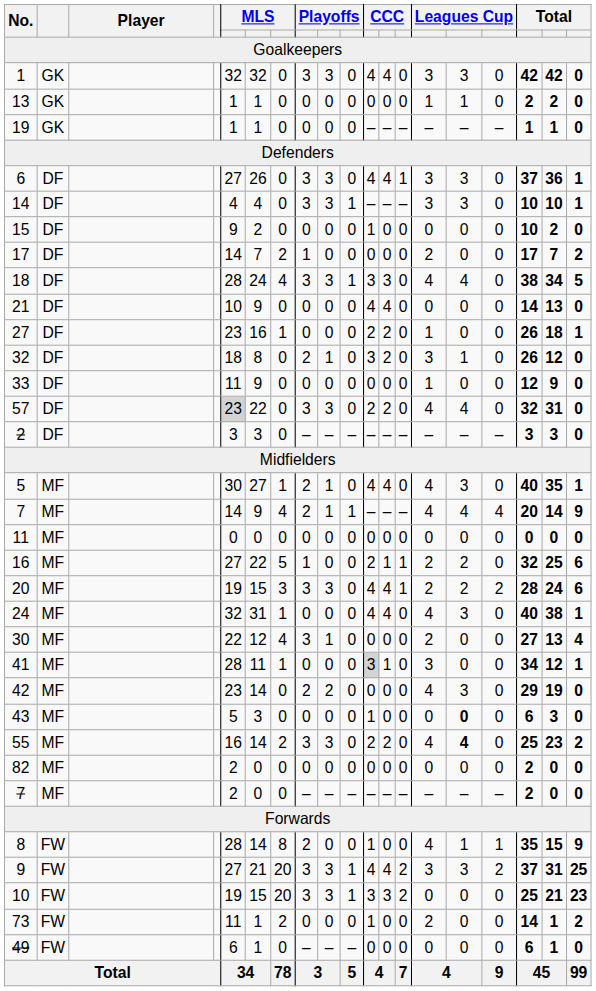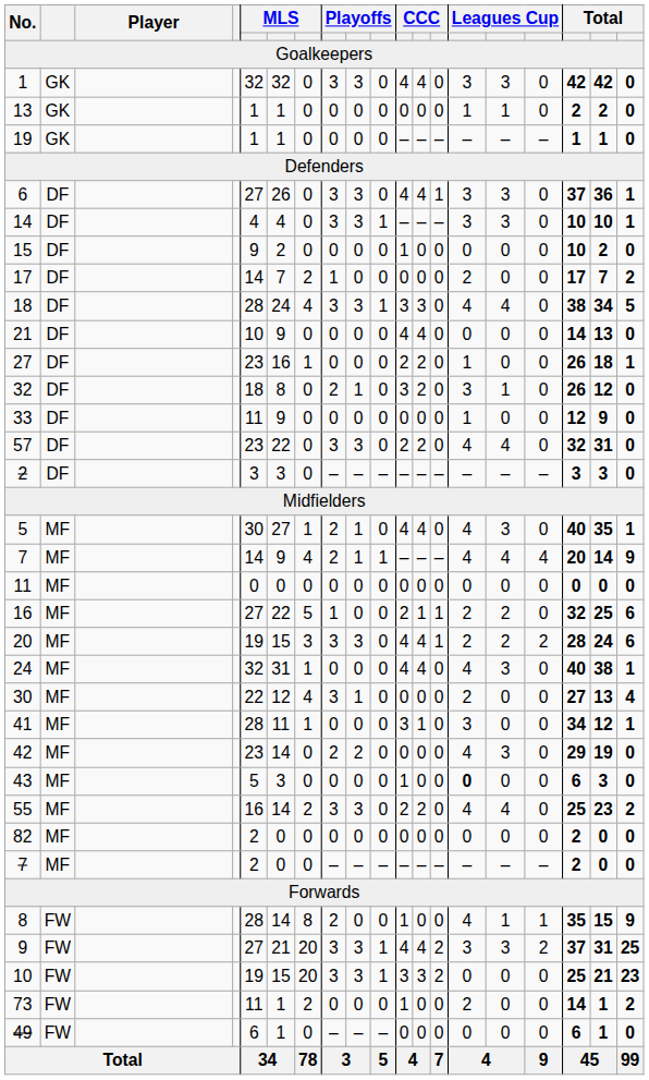 <table class="wikitable mw-datatable sortable nowrap" style="text-align:center; font-size:96%;">
 <tr>
 <th rowspan="2">No.</th>
 <th rowspan="2"></th>
 <th rowspan="2" width=135>Player</th>
 <th rowspan="2" style="border-right: 1pt black solid"></th>
 <th colspan="3" style="border-right: 1pt black solid"><a href='#'>MLS</a></th>
 <th colspan="3" style="border-right: 1pt black solid"><a href='#'>Playoffs</a></th>
 <th colspan="3" style="border-right: 1pt black solid"><a href='#'>CCC</a></th>
 <th colspan="3" style="border-right: 1pt black solid"><a href='#'>Leagues Cup</a></th>
 <th colspan="3">Total</th>
 </tr>
 <tr>
 <th></th>
 <th></th>
 <th style="border-right: 1pt black solid"></th>
 <th></th>
 <th></th>
 <th style="border-right: 1pt black solid"></th>
 <th></th>
 <th></th>
 <th style="border-right: 1pt black solid"></th>
 <th></th>
 <th></th>
 <th style="border-right: 1pt black solid"></th>
 <th></th>
 <th></th>
 <th></th>
 </tr>
 <tr bgcolor=efefef class="sortbottom">
 <td colspan="19">Goalkeepers</td>
 </tr>
 <tr>
 <td>1</td>
 <td>GK</td>
 <td style="text-align:left"></td>
 <td style="border-right: 1pt black solid"></td>
 <td>32</td>
 <td>32</td>
 <td style="border-right: 1pt black solid">0</td>
 <td>3</td>
 <td>3</td>
 <td style="border-right: 1pt black solid">0</td>
 <td>4</td>
 <td>4</td>
 <td style="border-right: 1pt black solid">0</td>
 <td>3</td>
 <td>3</td>
 <td style="border-right: 1pt black solid">0</td>
 <td><strong>42</strong></td>
 <td><strong>42</strong></td>
 <td><strong>0</strong></td>
 </tr>
 <tr>
 <td>13</td>
 <td>GK</td>
 <td style="text-align:left"></td>
 <td style="border-right: 1pt black solid"></td>
 <td>1</td>
 <td>1</td>
 <td style="border-right: 1pt black solid">0</td>
 <td>0</td>
 <td>0</td>
 <td style="border-right: 1pt black solid">0</td>
 <td>0</td>
 <td>0</td>
 <td style="border-right: 1pt black solid">0</td>
 <td>1</td>
 <td>1</td>
 <td style="border-right: 1pt black solid">0</td>
 <td><strong>2</strong></td>
 <td><strong>2</strong></td>
 <td><strong>0</strong></td>
 </tr>
 <tr>
 <td>19</td>
 <td>GK</td>
 <td style="text-align:left"></td>
 <td style="border-right: 1pt black solid"></td>
 <td>1</td>
 <td>1</td>
 <td style="border-right: 1pt black solid">0</td>
 <td>0</td>
 <td>0</td>
 <td style="border-right: 1pt black solid">0</td>
 <td>–</td>
 <td>–</td>
 <td style="border-right: 1pt black solid">–</td>
 <td>–</td>
 <td>–</td>
 <td style="border-right: 1pt black solid">–</td>
 <td><strong>1</strong></td>
 <td><strong>1</strong></td>
 <td><strong>0</strong></td>
 </tr>
 <tr bgcolor=efefef class="sortbottom">
 <td colspan="19">Defenders</td>
 </tr>
 <tr>
 <td>6</td>
 <td>DF</td>
 <td style="text-align:left"></td>
 <td style="border-right: 1pt black solid"></td>
 <td>27</td>
 <td>26</td>
 <td style="border-right: 1pt black solid">0</td>
 <td>3</td>
 <td>3</td>
 <td style="border-right: 1pt black solid">0</td>
 <td>4</td>
 <td>4</td>
 <td style="border-right: 1pt black solid">1</td>
 <td>3</td>
 <td>3</td>
 <td style="border-right: 1pt black solid">0</td>
 <td><strong>37</strong></td>
 <td><strong>36</strong></td>
 <td><strong>1</strong></td>
 </tr>
 <tr>
 <td>14</td>
 <td>DF</td>
 <td style="text-align:left"></td>
 <td style="border-right: 1pt black solid"></td>
 <td>4</td>
 <td>4</td>
 <td style="border-right: 1pt black solid">0</td>
 <td>3</td>
 <td>3</td>
 <td style="border-right: 1pt black solid">1</td>
 <td>–</td>
 <td>–</td>
 <td style="border-right: 1pt black solid">–</td>
 <td>3</td>
 <td>3</td>
 <td style="border-right: 1pt black solid">0</td>
 <td><strong>10</strong></td>
 <td><strong>10</strong></td>
 <td><strong>1</strong></td>
 </tr>
 <tr>
 <td>15</td>
 <td>DF</td>
 <td style="text-align:left"></td>
 <td style="border-right: 1pt black solid"></td>
 <td>9</td>
 <td>2</td>
 <td style="border-right: 1pt black solid">0</td>
 <td>0</td>
 <td>0</td>
 <td style="border-right: 1pt black solid">0</td>
 <td>1</td>
 <td>0</td>
 <td style="border-right: 1pt black solid">0</td>
 <td>0</td>
 <td>0</td>
 <td style="border-right: 1pt black solid">0</td>
 <td><strong>10</strong></td>
 <td><strong>2</strong></td>
 <td><strong>0</strong></td>
 </tr>
 <tr>
 <td>17</td>
 <td>DF</td>
 <td style="text-align:left"></td>
 <td style="border-right: 1pt black solid"></td>
 <td>14</td>
 <td>7</td>
 <td style="border-right: 1pt black solid">2</td>
 <td>1</td>
 <td>0</td>
 <td style="border-right: 1pt black solid">0</td>
 <td>0</td>
 <td>0</td>
 <td style="border-right: 1pt black solid">0</td>
 <td>2</td>
 <td>0</td>
 <td style="border-right: 1pt black solid">0</td>
 <td><strong>17</strong></td>
 <td><strong>7</strong></td>
 <td><strong>2</strong></td>
 </tr>
 <tr>
 <td>18</td>
 <td>DF</td>
 <td style="text-align:left"></td>
 <td style="border-right: 1pt black solid"></td>
 <td>28</td>
 <td>24</td>
 <td style="border-right: 1pt black solid">4</td>
 <td>3</td>
 <td>3</td>
 <td style="border-right: 1pt black solid">1</td>
 <td>3</td>
 <td>3</td>
 <td style="border-right: 1pt black solid">0</td>
 <td>4</td>
 <td>4</td>
 <td style="border-right: 1pt black solid">0</td>
 <td><strong>38</strong></td>
 <td><strong>34</strong></td>
 <td><strong>5</strong></td>
 </tr>
 <tr>
 <td>21</td>
 <td>DF</td>
 <td style="text-align:left"></td>
 <td style="border-right: 1pt black solid"></td>
 <td>10</td>
 <td>9</td>
 <td style="border-right: 1pt black solid">0</td>
 <td>0</td>
 <td>0</td>
 <td style="border-right: 1pt black solid">0</td>
 <td>4</td>
 <td>4</td>
 <td style="border-right: 1pt black solid">0</td>
 <td>0</td>
 <td>0</td>
 <td style="border-right: 1pt black solid">0</td>
 <td><strong>14</strong></td>
 <td><strong>13</strong></td>
 <td><strong>0</strong></td>
 </tr>
 <tr>
 <td>27</td>
 <td>DF</td>
 <td style="text-align:left"></td>
 <td style="border-right: 1pt black solid"></td>
 <td>23</td>
 <td>16</td>
 <td style="border-right: 1pt black solid">1</td>
 <td>0</td>
 <td>0</td>
 <td style="border-right: 1pt black solid">0</td>
 <td>2</td>
 <td>2</td>
 <td style="border-right: 1pt black solid">0</td>
 <td>1</td>
 <td>0</td>
 <td style="border-right: 1pt black solid">0</td>
 <td><strong>26</strong></td>
 <td><strong>18</strong></td>
 <td><strong>1</strong></td>
 </tr>
 <tr>
 <td>32</td>
 <td>DF</td>
 <td style="text-align:left"></td>
 <td style="border-right: 1pt black solid"></td>
 <td>18</td>
 <td>8</td>
 <td style="border-right: 1pt black solid">0</td>
 <td>2</td>
 <td>1</td>
 <td style="border-right: 1pt black solid">0</td>
 <td>3</td>
 <td>2</td>
 <td style="border-right: 1pt black solid">0</td>
 <td>3</td>
 <td>1</td>
 <td style="border-right: 1pt black solid">0</td>
 <td><strong>26</strong></td>
 <td><strong>12</strong></td>
 <td><strong>0</strong></td>
 </tr>
 <tr>
 <td>33</td>
 <td>DF</td>
 <td style="text-align:left"></td>
 <td style="border-right: 1pt black solid"></td>
 <td>11</td>
 <td>9</td>
 <td style="border-right: 1pt black solid">0</td>
 <td>0</td>
 <td>0</td>
 <td style="border-right: 1pt black solid">0</td>
 <td>0</td>
 <td>0</td>
 <td style="border-right: 1pt black solid">0</td>
 <td>1</td>
 <td>0</td>
 <td style="border-right: 1pt black solid">0</td>
 <td><strong>12</strong></td>
 <td><strong>9</strong></td>
 <td><strong>0</strong></td>
 </tr>
 <tr>
 <td>57</td>
 <td>DF</td>
 <td style="text-align:left"></td>
 <td style="border-right: 1pt black solid"></td>
-<td style="background: lightgrey;">23</td>
+<td>23</td>
 <td>22</td>
 <td style="border-right: 1pt black solid">0</td>
 <td>3</td>
 <td>3</td>
 <td style="border-right: 1pt black solid">0</td>
 <td>2</td>
 <td>2</td>
 <td style="border-right: 1pt black solid">0</td>
 <td>4</td>
 <td>4</td>
 <td style="border-right: 1pt black solid">0</td>
 <td><strong>32</strong></td>
 <td><strong>31</strong></td>
 <td><strong>0</strong></td>
 </tr>
 <tr>
 <td><s>2</s></td>
 <td>DF</td>
 <td style="text-align:left"></td>
 <td style="border-right: 1pt black solid"></td>
 <td>3</td>
 <td>3</td>
 <td style="border-right: 1pt black solid">0</td>
 <td>–</td>
 <td>–</td>
 <td style="border-right: 1pt black solid">–</td>
 <td>–</td>
 <td>–</td>
 <td style="border-right: 1pt black solid">–</td>
 <td>–</td>
 <td>–</td>
 <td style="border-right: 1pt black solid">–</td>
 <td><strong>3</strong></td>
 <td><strong>3</strong></td>
 <td><strong>0</strong></td>
 </tr>
 <tr bgcolor=efefef class="sortbottom">
 <td colspan="19">Midfielders</td>
 </tr>
 <tr>
 <td>5</td>
 <td>MF</td>
 <td style="text-align:left"></td>
 <td style="border-right: 1pt black solid"></td>
 <td>30</td>
 <td>27</td>
 <td style="border-right: 1pt black solid">1</td>
 <td>2</td>
 <td>1</td>
 <td style="border-right: 1pt black solid">0</td>
 <td>4</td>
 <td>4</td>
 <td style="border-right: 1pt black solid">0</td>
 <td>4</td>
 <td>3</td>
 <td style="border-right: 1pt black solid">0</td>
 <td><strong>40</strong></td>
 <td><strong>35</strong></td>
 <td><strong>1</strong></td>
 </tr>
 <tr>
 <td>7</td>
 <td>MF</td>
 <td style="text-align:left"></td>
 <td style="border-right: 1pt black solid"></td>
 <td>14</td>
 <td>9</td>
 <td style="border-right: 1pt black solid">4</td>
 <td>2</td>
 <td>1</td>
 <td style="border-right: 1pt black solid">1</td>
 <td>–</td>
 <td>–</td>
 <td style="border-right: 1pt black solid">–</td>
 <td>4</td>
 <td>4</td>
 <td style="border-right: 1pt black solid">4</td>
 <td><strong>20</strong></td>
 <td><strong>14</strong></td>
 <td><strong>9</strong></td>
 </tr>
 <tr>
 <td>11</td>
 <td>MF</td>
 <td style="text-align:left"></td>
 <td style="border-right: 1pt black solid"></td>
 <td>0</td>
 <td>0</td>
 <td style="border-right: 1pt black solid">0</td>
 <td>0</td>
 <td>0</td>
 <td style="border-right: 1pt black solid">0</td>
 <td>0</td>
 <td>0</td>
 <td style="border-right: 1pt black solid">0</td>
 <td>0</td>
 <td>0</td>
 <td style="border-right: 1pt black solid">0</td>
 <td><strong>0</strong></td>
 <td><strong>0</strong></td>
 <td><strong>0</strong></td>
 </tr>
 <tr>
 <td>16</td>
 <td>MF</td>
 <td style="text-align:left"></td>
 <td style="border-right: 1pt black solid"></td>
 <td>27</td>
 <td>22</td>
 <td style="border-right: 1pt black solid">5</td>
 <td>1</td>
 <td>0</td>
 <td style="border-right: 1pt black solid">0</td>
 <td>2</td>
 <td>1</td>
 <td style="border-right: 1pt black solid">1</td>
 <td>2</td>
 <td>2</td>
 <td style="border-right: 1pt black solid">0</td>
 <td><strong>32</strong></td>
 <td><strong>25</strong></td>
 <td><strong>6</strong></td>
 </tr>
 <tr>
 <td>20</td>
 <td>MF</td>
 <td style="text-align:left"></td>
 <td style="border-right: 1pt black solid"></td>
 <td>19</td>
 <td>15</td>
 <td style="border-right: 1pt black solid">3</td>
 <td>3</td>
 <td>3</td>
 <td style="border-right: 1pt black solid">0</td>
 <td>4</td>
 <td>4</td>
 <td style="border-right: 1pt black solid">1</td>
 <td>2</td>
 <td>2</td>
 <td style="border-right: 1pt black solid">2</td>
 <td><strong>28</strong></td>
 <td><strong>24</strong></td>
 <td><strong>6</strong></td>
 </tr>
 <tr>
 <td>24</td>
 <td>MF</td>
 <td style="text-align:left"></td>
 <td style="border-right: 1pt black solid"></td>
 <td>32</td>
 <td>31</td>
 <td style="border-right: 1pt black solid">1</td>
 <td>0</td>
 <td>0</td>
 <td style="border-right: 1pt black solid">0</td>
 <td>4</td>
 <td>4</td>
 <td style="border-right: 1pt black solid">0</td>
 <td>4</td>
 <td>3</td>
 <td style="border-right: 1pt black solid">0</td>
 <td><strong>40</strong></td>
 <td><strong>38</strong></td>
 <td><strong>1</strong></td>
 </tr>
 <tr>
 <td>30</td>
 <td>MF</td>
 <td style="text-align:left"></td>
 <td style="border-right: 1pt black solid"></td>
 <td>22</td>
 <td>12</td>
 <td style="border-right: 1pt black solid">4</td>
 <td>3</td>
 <td>1</td>
 <td style="border-right: 1pt black solid">0</td>
 <td>0</td>
 <td>0</td>
 <td style="border-right: 1pt black solid">0</td>
 <td>2</td>
 <td>0</td>
 <td style="border-right: 1pt black solid">0</td>
 <td><strong>27</strong></td>
 <td><strong>13</strong></td>
 <td><strong>4</strong></td>
 </tr>
 <tr>
 <td>41</td>
 <td>MF</td>
 <td style="text-align:left"></td>
 <td style="border-right: 1pt black solid"></td>
 <td>28</td>
 <td>11</td>
 <td style="border-right: 1pt black solid">1</td>
 <td>0</td>
 <td>0</td>
 <td style="border-right: 1pt black solid">0</td>
-<td style="background: lightgrey;">3</td>
+<td>3</td>
 <td>1</td>
 <td style="border-right: 1pt black solid">0</td>
 <td>3</td>
 <td>0</td>
 <td style="border-right: 1pt black solid">0</td>
 <td><strong>34</strong></td>
 <td><strong>12</strong></td>
 <td><strong>1</strong></td>
 </tr>
 <tr>
 <td>42</td>
 <td>MF</td>
 <td style="text-align:left"></td>
 <td style="border-right: 1pt black solid"></td>
 <td>23</td>
 <td>14</td>
 <td style="border-right: 1pt black solid">0</td>
 <td>2</td>
 <td>2</td>
 <td style="border-right: 1pt black solid">0</td>
 <td>0</td>
 <td>0</td>
 <td style="border-right: 1pt black solid">0</td>
 <td>4</td>
 <td>3</td>
 <td style="border-right: 1pt black solid">0</td>
 <td><strong>29</strong></td>
 <td><strong>19</strong></td>
 <td><strong>0</strong></td>
 </tr>
 <tr>
 <td>43</td>
 <td>MF</td>
 <td style="text-align:left"></td>
 <td style="border-right: 1pt black solid"></td>
 <td>5</td>
 <td>3</td>
 <td style="border-right: 1pt black solid">0</td>
 <td>0</td>
 <td>0</td>
 <td style="border-right: 1pt black solid">0</td>
 <td>1</td>
 <td>0</td>
 <td style="border-right: 1pt black solid">0</td>
+<td><strong>0</strong></td>
 <td>0</td>
-<td><strong>0</strong></td>
 <td style="border-right: 1pt black solid">0</td>
 <td><strong>6</strong></td>
 <td><strong>3</strong></td>
 <td><strong>0</strong></td>
 </tr>
 <tr>
 <td>55</td>
 <td>MF</td>
 <td style="text-align:left"></td>
 <td style="border-right: 1pt black solid"></td>
 <td>16</td>
 <td>14</td>
 <td style="border-right: 1pt black solid">2</td>
 <td>3</td>
 <td>3</td>
 <td style="border-right: 1pt black solid">0</td>
 <td>2</td>
 <td>2</td>
 <td style="border-right: 1pt black solid">0</td>
 <td>4</td>
-<td><strong>4</strong></td>
+<td>4</td>
 <td style="border-right: 1pt black solid">0</td>
 <td><strong>25</strong></td>
 <td><strong>23</strong></td>
 <td><strong>2</strong></td>
 </tr>
 <tr>
 <td>82</td>
 <td>MF</td>
 <td style="text-align:left"></td>
 <td style="border-right: 1pt black solid"></td>
 <td>2</td>
 <td>0</td>
 <td style="border-right: 1pt black solid">0</td>
 <td>0</td>
 <td>0</td>
 <td style="border-right: 1pt black solid">0</td>
 <td>0</td>
 <td>0</td>
 <td style="border-right: 1pt black solid">0</td>
 <td>0</td>
 <td>0</td>
 <td style="border-right: 1pt black solid">0</td>
 <td><strong>2</strong></td>
 <td><strong>0</strong></td>
 <td><strong>0</strong></td>
 </tr>
 <tr>
 <td><s>7</s></td>
 <td>MF</td>
 <td style="text-align:left"></td>
 <td style="border-right: 1pt black solid"></td>
 <td>2</td>
 <td>0</td>
 <td style="border-right: 1pt black solid">0</td>
 <td>–</td>
 <td>–</td>
 <td style="border-right: 1pt black solid">–</td>
 <td>–</td>
 <td>–</td>
 <td style="border-right: 1pt black solid">–</td>
 <td>–</td>
 <td>–</td>
 <td style="border-right: 1pt black solid">–</td>
 <td><strong>2</strong></td>
 <td><strong>0</strong></td>
 <td><strong>0</strong></td>
 </tr>
 <tr bgcolor=efefef class="sortbottom">
 <td colspan="19">Forwards</td>
 </tr>
 <tr>
 <td>8</td>
 <td>FW</td>
 <td style="text-align:left"></td>
 <td style="border-right: 1pt black solid"></td>
 <td>28</td>
 <td>14</td>
 <td style="border-right: 1pt black solid">8</td>
 <td>2</td>
 <td>0</td>
 <td style="border-right: 1pt black solid">0</td>
 <td>1</td>
 <td>0</td>
 <td style="border-right: 1pt black solid">0</td>
 <td>4</td>
 <td>1</td>
 <td style="border-right: 1pt black solid">1</td>
 <td><strong>35</strong></td>
 <td><strong>15</strong></td>
 <td><strong>9</strong></td>
 </tr>
 <tr>
 <td>9</td>
 <td>FW</td>
 <td style="text-align:left"></td>
 <td style="border-right: 1pt black solid"></td>
 <td>27</td>
 <td>21</td>
 <td style="border-right: 1pt black solid">20</td>
 <td>3</td>
 <td>3</td>
 <td style="border-right: 1pt black solid">1</td>
 <td>4</td>
 <td>4</td>
 <td style="border-right: 1pt black solid">2</td>
 <td>3</td>
 <td>3</td>
 <td style="border-right: 1pt black solid">2</td>
 <td><strong>37</strong></td>
 <td><strong>31</strong></td>
 <td><strong>25</strong></td>
 </tr>
 <tr>
 <td>10</td>
 <td>FW</td>
 <td style="text-align:left"></td>
 <td style="border-right: 1pt black solid"></td>
 <td>19</td>
 <td>15</td>
 <td style="border-right: 1pt black solid">20</td>
 <td>3</td>
 <td>3</td>
 <td style="border-right: 1pt black solid">1</td>
 <td>3</td>
 <td>3</td>
 <td style="border-right: 1pt black solid">2</td>
 <td>0</td>
 <td>0</td>
 <td style="border-right: 1pt black solid">0</td>
 <td><strong>25</strong></td>
 <td><strong>21</strong></td>
 <td><strong>23</strong></td>
 </tr>
 <tr>
 <td>73</td>
 <td>FW</td>
 <td style="text-align:left"></td>
 <td style="border-right: 1pt black solid"></td>
 <td>11</td>
 <td>1</td>
 <td style="border-right: 1pt black solid">2</td>
 <td>0</td>
 <td>0</td>
 <td style="border-right: 1pt black solid">0</td>
 <td>1</td>
 <td>0</td>
 <td style="border-right: 1pt black solid">0</td>
 <td>2</td>
 <td>0</td>
 <td style="border-right: 1pt black solid">0</td>
 <td><strong>14</strong></td>
 <td><strong>1</strong></td>
 <td><strong>2</strong></td>
 </tr>
 <tr>
 <td><s>49</s></td>
 <td>FW</td>
 <td style="text-align:left"></td>
 <td style="border-right: 1pt black solid"></td>
 <td>6</td>
 <td>1</td>
 <td style="border-right: 1pt black solid">0</td>
 <td>–</td>
 <td>–</td>
 <td style="border-right: 1pt black solid">–</td>
 <td>0</td>
 <td>0</td>
 <td style="border-right: 1pt black solid">0</td>
 <td>0</td>
 <td>0</td>
 <td style="border-right: 1pt black solid">0</td>
 <td><strong>6</strong></td>
 <td><strong>1</strong></td>
 <td><strong>0</strong></td>
 </tr>
 <tr class="sortbottom">
 <th colspan=4 style="border-right: 1pt black solid">Total</th>
 <th colspan=2>34</th>
 <th style="border-right: 1pt black solid">78</th>
 <th colspan=2>3</th>
 <th style="border-right: 1pt black solid">5</th>
 <th colspan=2>4</th>
 <th style="border-right: 1pt black solid">7</th>
 <th colspan=2>4</th>
 <th style="border-right: 1pt black solid">9</th>
 <th colspan=2>45</th>
 <th>99</th>
 </tr>
 </table>
